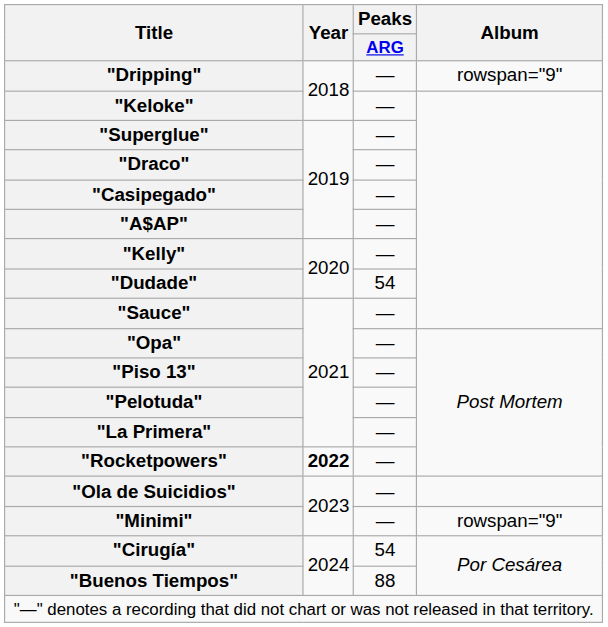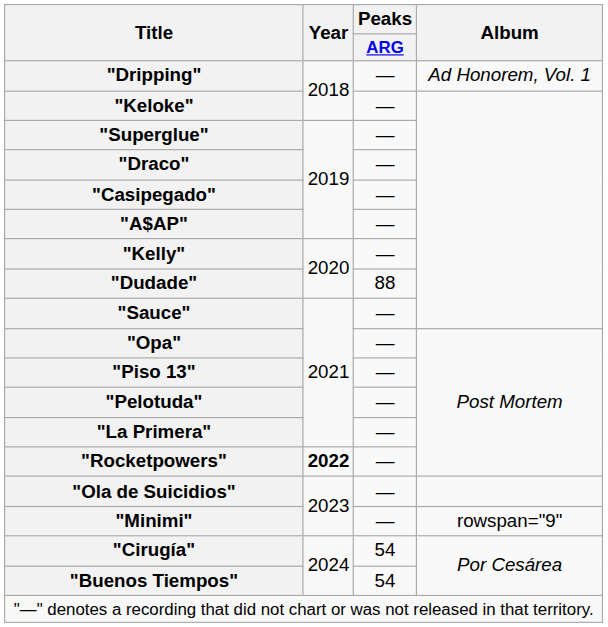 <table class="wikitable plainrowheaders" style="text-align:center;">
 <tr>
 <th scope="col" rowspan="2" style="width:15.5em;">Title</th>
 <th scope="col" rowspan="2" style="width:1em;">Year</th>
 <th scope="col">Peaks</th>
 <th scope="col" rowspan="2" style="width:9.5em;">Album</th>
 </tr>
 <tr>
 <th scope="col" style="width:2.5em;font-size:90%;"><a href='#'>ARG</a><br></th>
 </tr>
 <tr>
 <th scope="row">"Dripping"</th>
 <td rowspan="2">2018</td>
 <td>—</td>
-<td>rowspan="9" </td>
+<td><em>Ad Honorem, Vol. 1</em></td>
 </tr>
 <tr>
 <th scope="row">"Keloke"<br></th>
 <td>—</td>
 </tr>
 <tr>
 <th scope="row">"Superglue"<br></th>
 <td rowspan="4">2019</td>
 <td>—</td>
 </tr>
 <tr>
 <th scope="row">"Draco"</th>
 <td>—</td>
 </tr>
 <tr>
 <th scope="row">"Casipegado"<br></th>
 <td>—</td>
 </tr>
 <tr>
 <th scope="row">"A$AP"<br></th>
 <td>—</td>
 </tr>
 <tr>
 <th scope="row">"Kelly"<br></th>
 <td rowspan="2">2020</td>
 <td>—</td>
 </tr>
 <tr>
 <th scope="row">"Dudade"<br></th>
-<td>54</td>
+<td>88</td>
 </tr>
 <tr>
 <th scope="row">"Sauce"<br></th>
 <td rowspan="5">2021</td>
 <td>—</td>
 </tr>
 <tr>
 <th scope="row">"Opa"</th>
 <td>—</td>
 <td rowspan="5"><em>Post Mortem</em></td>
 </tr>
 <tr>
 <th scope="row">"Piso 13"</th>
 <td>—</td>
 </tr>
 <tr>
 <th scope="row">"Pelotuda"</th>
 <td>—</td>
 </tr>
 <tr>
 <th scope="row">"La Primera"</th>
 <td>—</td>
 </tr>
 <tr>
 <th scope="row">"Rocketpowers"<br></th>
 <td><strong>2022</strong></td>
 <td>—</td>
 </tr>
 <tr>
 <th scope="row">"Ola de Suicidios"</th>
 <td rowspan="2">2023</td>
 <td>—</td>
 <td></td>
 </tr>
 <tr>
 <th scope="row">"Minimi"</th>
 <td>—</td>
 <td>rowspan="9" </td>
 </tr>
 <tr>
 <th scope="row">"Cirugía"</th>
 <td rowspan="2">2024</td>
 <td>54</td>
 <td rowspan="2"><em>Por Cesárea</em></td>
 </tr>
 <tr>
 <th scope="row">"Buenos Tiempos"</th>
-<td>88</td>
+<td>54</td>
 </tr>
 <tr>
 <td colspan="14" style="font-size:90%">"—" denotes a recording that did not chart or was not released in that territory.</td>
 </tr>
 </table>
